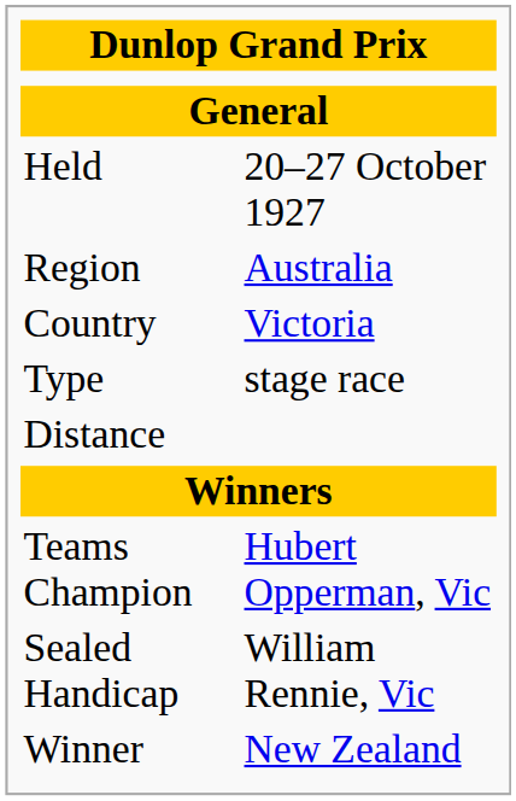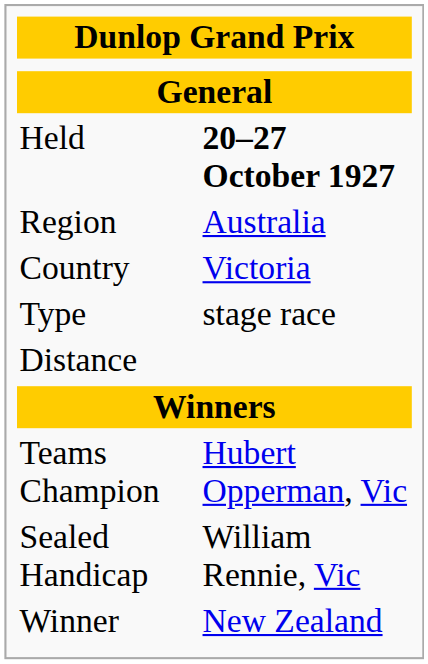 <table class="infobox" style="width: 200px; ">
 <tr>
 <th colspan="2" align=center bgcolor="#FFCC00"><strong>Dunlop Grand Prix</strong></th>
 </tr>
 <tr>
 <td colspan="2" align=center></td>
 </tr>
 <tr>
 <th colspan="2" align=center bgcolor="#FFCC00"><strong>General</strong></th>
 </tr>
 <tr>
 <td>Held</td>
-<td>20–27 October 1927</td>
+<td><strong>20–27 October 1927</strong></td>
 </tr>
 <tr>
 <td>Region</td>
 <td><a href='#'>Australia</a></td>
 </tr>
 <tr>
 <td>Country</td>
 <td><a href='#'>Victoria</a></td>
 </tr>
 <tr>
 <td>Type</td>
 <td>stage race</td>
 </tr>
 <tr>
 <td>Distance</td>
 <td></td>
 </tr>
 <tr>
 <th colspan="2" align=center bgcolor="#FFCC00"><strong>Winners</strong></th>
 </tr>
 <tr>
 <td>Teams Champion</td>
 <td><a href='#'>Hubert Opperman</a>, <a href='#'>Vic</a></td>
 </tr>
 <tr>
 <td>Sealed Handicap</td>
 <td>William Rennie, <a href='#'>Vic</a></td>
 </tr>
 <tr>
 <td>Winner</td>
 <td><a href='#'>New Zealand</a></td>
 </tr>
 <tr>
 </tr>
 </table>
